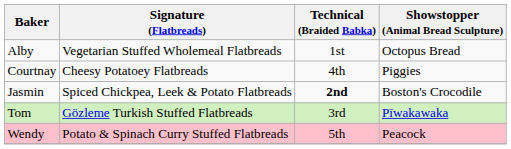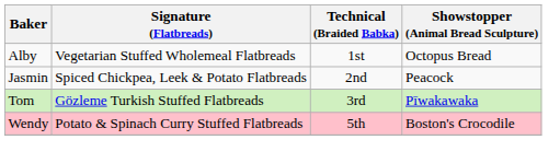 <table class="wikitable" style="text-align:center;">
 <tr>
 <th>Baker</th>
 <th>Signature<br><small>(<a href='#'>Flatbreads</a>)</small></th>
 <th>Technical<br><small>(Braided <a href='#'>Babka</a>)</small></th>
 <th>Showstopper<br><small>(Animal Bread Sculpture)</small></th>
 </tr>
 <tr>
 <td align="left">Alby</td>
 <td align="left">Vegetarian Stuffed Wholemeal Flatbreads</td>
 <td>1st</td>
 <td align="left">Octopus Bread</td>
 </tr>
 <tr>
-<td align="left">Courtnay</td>
-<td align="left">Cheesy Potatoey Flatbreads</td>
-<td>4th</td>
-<td align="left">Piggies</td>
-</tr>
-<tr>
 <td align="left">Jasmin</td>
 <td align="left">Spiced Chickpea, Leek & Potato Flatbreads</td>
-<td><strong>2nd</strong></td>
-<td align="left">Boston's Crocodile</td>
+<td>2nd</td>
+<td align="left">Peacock</td>
 </tr>
 <tr style="background:#d0f0c0;">
 <td align="left">Tom</td>
 <td align="left"><a href='#'>Gözleme</a> Turkish Stuffed Flatbreads</td>
 <td>3rd</td>
 <td align="left"><a href='#'>Pīwakawaka</a></td>
 </tr>
 <tr style="background:pink;">
 <td align="left">Wendy</td>
 <td align="left">Potato & Spinach Curry Stuffed Flatbreads</td>
 <td>5th</td>
-<td align="left">Peacock</td>
+<td align="left">Boston's Crocodile</td>
 </tr>
 <tr>
 </tr>
 </table>
